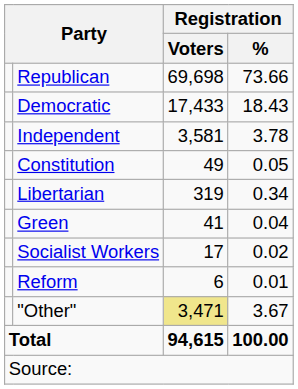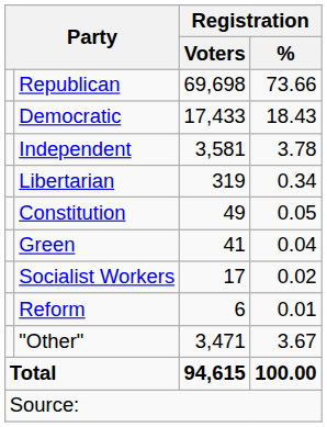 <table class="wikitable">
 <tr>
 <th colspan="2" rowspan="2">Party</th>
 <th colspan="2">Registration</th>
 </tr>
 <tr>
 <th>Voters</th>
 <th>%</th>
 </tr>
 <tr>
 <td style="background-color:"></td>
 <td><a href='#'>Republican</a></td>
 <td style="text-align:right;">69,698</td>
 <td style="text-align:right;">73.66</td>
 </tr>
 <tr>
 <td style="background-color:"></td>
 <td><a href='#'>Democratic</a></td>
 <td style="text-align:right;">17,433</td>
 <td style="text-align:right;">18.43</td>
 </tr>
 <tr>
 <td style="background-color:"></td>
 <td><a href='#'>Independent</a></td>
 <td style="text-align:right;">3,581</td>
 <td style="text-align:right;">3.78</td>
 </tr>
 <tr>
 <td style="background-color:"></td>
+<td><a href='#'>Libertarian</a></td>
+<td style="text-align:right;">319</td>
+<td style="text-align:right;">0.34</td>
+</tr>
+<tr>
+<td style="background-color:"></td>
 <td><a href='#'>Constitution</a></td>
 <td style="text-align:right;">49</td>
 <td style="text-align:right;">0.05</td>
-</tr>
-<tr>
-<td style="background-color:"></td>
-<td><a href='#'>Libertarian</a></td>
-<td style="text-align:right;">319</td>
-<td style="text-align:right;">0.34</td>
 </tr>
 <tr>
 <td style="background-color:"></td>
 <td><a href='#'>Green</a></td>
 <td style="text-align:right;">41</td>
 <td style="text-align:right;">0.04</td>
 </tr>
 <tr>
 <td style="background-color:"></td>
 <td><a href='#'>Socialist Workers</a></td>
 <td style="text-align:right;">17</td>
 <td style="text-align:right;">0.02</td>
 </tr>
 <tr>
 <td style="background-color:"></td>
 <td><a href='#'>Reform</a></td>
 <td style="text-align:right;">6</td>
 <td style="text-align:right;">0.01</td>
 </tr>
 <tr>
 <td></td>
 <td>"Other"</td>
-<td style="background: khaki; text-align:right;">3,471</td>
+<td style="text-align:right;">3,471</td>
 <td style="text-align:right;">3.67</td>
 </tr>
 <tr>
 <td colspan="2"><strong>Total</strong></td>
 <td style="text-align:right;"><strong>94,615</strong></td>
 <td style="text-align:right;"><strong>100.00</strong></td>
 </tr>
 <tr>
 <td colspan="4">Source: <em></em></td>
 </tr>
 </table>
